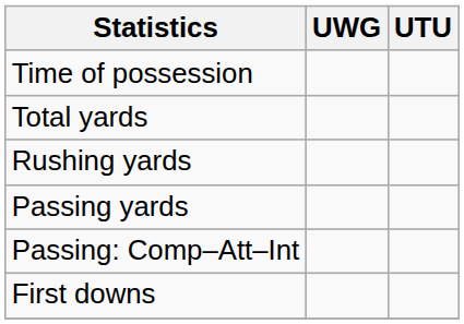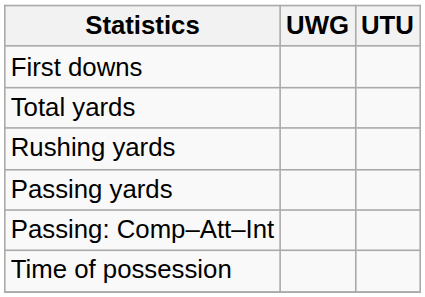 <table class="wikitable" style="float: left;">
 <tr>
 <th>Statistics</th>
 <th>UWG</th>
 <th>UTU</th>
 </tr>
 <tr>
-<td>Time of possession</td>
+<td>First downs</td>
 <td></td>
 <td></td>
 </tr>
 <tr>
 <td>Total yards</td>
 <td></td>
 <td></td>
 </tr>
 <tr>
 <td>Rushing yards</td>
 <td></td>
 <td></td>
 </tr>
 <tr>
 <td>Passing yards</td>
 <td></td>
 <td></td>
 </tr>
 <tr>
 <td>Passing: Comp–Att–Int</td>
 <td></td>
 <td></td>
 </tr>
 <tr>
-<td>First downs</td>
+<td>Time of possession</td>
 <td></td>
 <td></td>
 </tr>
 <tr>
 </tr>
 </table>
